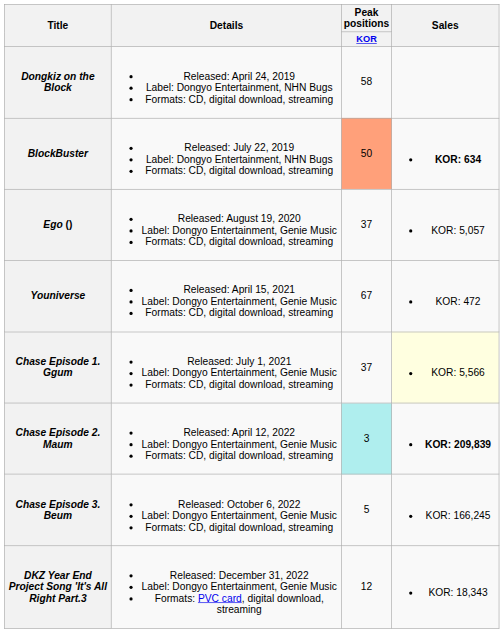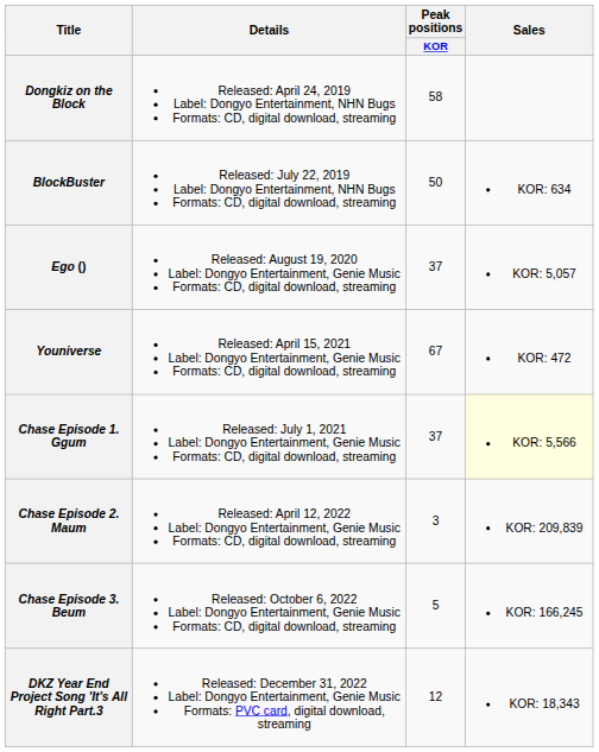 <table class="wikitable plainrowheaders" style="text-align:center;">
 <tr>
 <th scope="col" rowspan="2" style="width:10em;">Title</th>
 <th scope="col" rowspan="2" style="width:22em;">Details</th>
 <th scope="col">Peak<br>positions</th>
 <th scope="col" rowspan="2" style="width:10em;">Sales</th>
 </tr>
 <tr>
 <th scope="col" style="width:2.2em;font-size:90%;"><a href='#'>KOR</a><br></th>
 </tr>
 <tr>
 <th scope="row"><em>Dongkiz on the Block</em></th>
 <td><br><ul><li>Released: April 24, 2019</li><li>Label: Dongyo Entertainment, NHN Bugs</li><li>Formats: CD, digital download, streaming</li></ul></td>
 <td>58</td>
 <td></td>
 </tr>
 <tr>
 <th scope="row"><em>BlockBuster</em></th>
 <td><br><ul><li>Released: July 22, 2019</li><li>Label: Dongyo Entertainment, NHN Bugs</li><li>Formats: CD, digital download, streaming</li></ul></td>
-<td style="background: lightsalmon;">50</td>
-<td><strong><br><ul><li>KOR: 634</li></ul></strong></td>
+<td>50</td>
+<td><br><ul><li>KOR: 634</li></ul></td>
 </tr>
 <tr>
 <th scope="row"><em>Ego</em> ()</th>
 <td><br><ul><li>Released: August 19, 2020</li><li>Label: Dongyo Entertainment, Genie Music</li><li>Formats: CD, digital download, streaming</li></ul></td>
 <td>37</td>
 <td><br><ul><li>KOR: 5,057</li></ul></td>
 </tr>
 <tr>
 <th scope="row"><em>Youniverse</em></th>
 <td><br><ul><li>Released: April 15, 2021</li><li>Label: Dongyo Entertainment, Genie Music</li><li>Formats: CD, digital download, streaming</li></ul></td>
 <td>67</td>
 <td><br><ul><li>KOR: 472</li></ul></td>
 </tr>
 <tr>
 <th scope="row"><em>Chase Episode 1. Ggum</em></th>
 <td><br><ul><li>Released: July 1, 2021</li><li>Label: Dongyo Entertainment, Genie Music</li><li>Formats: CD, digital download, streaming</li></ul></td>
 <td>37</td>
 <td style="background: lightyellow;"><br><ul><li>KOR: 5,566</li></ul></td>
 </tr>
 <tr>
 <th scope="row"><em>Chase Episode 2. Maum</em></th>
 <td><br><ul><li>Released: April 12, 2022</li><li>Label: Dongyo Entertainment, Genie Music</li><li>Formats: CD, digital download, streaming</li></ul></td>
-<td style="background: paleturquoise;">3</td>
-<td><strong><br><ul><li>KOR: 209,839</li></ul></strong></td>
+<td>3</td>
+<td><br><ul><li>KOR: 209,839</li></ul></td>
 </tr>
 <tr>
 <th scope="row"><em>Chase Episode 3. Beum</em></th>
 <td><br><ul><li>Released: October 6, 2022</li><li>Label: Dongyo Entertainment, Genie Music</li><li>Formats: CD, digital download, streaming</li></ul></td>
 <td>5</td>
 <td><br><ul><li>KOR: 166,245</li></ul></td>
 </tr>
 <tr>
 <th scope="row"><em>DKZ Year End Project Song 'It's All Right Part.3<strong></th>
 <td><br><ul><li>Released: December 31, 2022</li><li>Label: Dongyo Entertainment, Genie Music</li><li>Formats: <a href='#'>PVC card</a>, digital download, streaming</li></ul></td>
 <td>12</td>
 <td><br><ul><li>KOR: 18,343</li></ul></td>
 </tr>
 </table>
